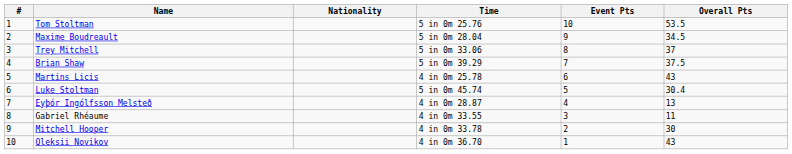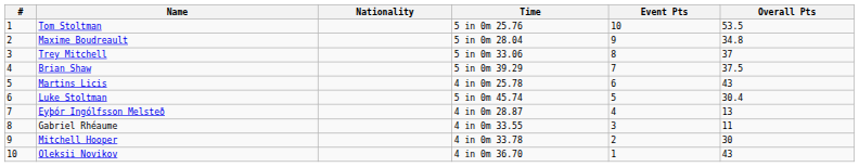 <table class="wikitable sortable" style="display: inline-table;width: 100%;">
 <tr>
 <th>#</th>
 <th>Name</th>
 <th>Nationality</th>
 <th>Time</th>
 <th>Event Pts</th>
 <th>Overall Pts</th>
 </tr>
 <tr>
 <td>1</td>
 <td><a href='#'>Tom Stoltman</a></td>
 <td></td>
 <td>5 in 0m 25.76</td>
 <td>10</td>
 <td>53.5</td>
 </tr>
 <tr>
 <td>2</td>
 <td><a href='#'>Maxime Boudreault</a></td>
 <td></td>
 <td>5 in 0m 28.04</td>
 <td>9</td>
-<td>34.5</td>
+<td>34.8</td>
 </tr>
 <tr>
 <td>3</td>
 <td><a href='#'>Trey Mitchell</a></td>
 <td></td>
 <td>5 in 0m 33.06</td>
 <td>8</td>
 <td>37</td>
 </tr>
 <tr>
 <td>4</td>
 <td><a href='#'>Brian Shaw</a></td>
 <td></td>
 <td>5 in 0m 39.29</td>
 <td>7</td>
 <td>37.5</td>
 </tr>
 <tr>
 <td>5</td>
 <td><a href='#'>Martins Licis</a></td>
 <td></td>
 <td>4 in 0m 25.78</td>
 <td>6</td>
 <td>43</td>
 </tr>
 <tr>
 <td>6</td>
 <td><a href='#'>Luke Stoltman</a></td>
 <td></td>
 <td>5 in 0m 45.74</td>
 <td>5</td>
 <td>30.4</td>
 </tr>
 <tr>
 <td>7</td>
 <td><a href='#'>Eyþór Ingólfsson Melsteð</a></td>
 <td></td>
 <td>4 in 0m 28.87</td>
 <td>4</td>
 <td>13</td>
 </tr>
 <tr>
 <td>8</td>
 <td>Gabriel Rhéaume</td>
 <td></td>
 <td>4 in 0m 33.55</td>
 <td>3</td>
 <td>11</td>
 </tr>
 <tr>
 <td>9</td>
 <td><a href='#'>Mitchell Hooper</a></td>
 <td></td>
 <td>4 in 0m 33.78</td>
 <td>2</td>
 <td>30</td>
 </tr>
 <tr>
 <td>10</td>
 <td><a href='#'>Oleksii Novikov</a></td>
 <td></td>
 <td>4 in 0m 36.70</td>
 <td>1</td>
 <td>43</td>
 </tr>
 </table>
